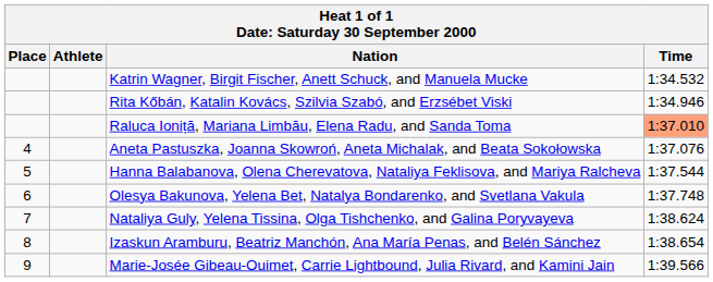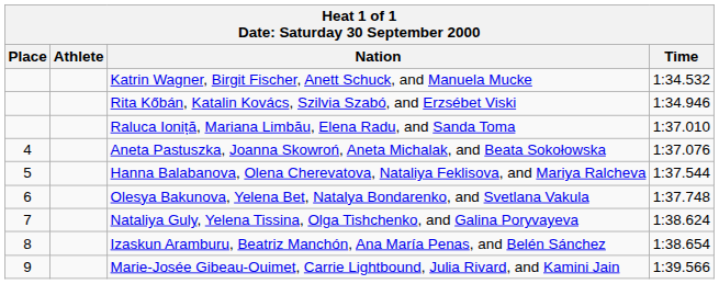 <table class="wikitable sortable">
 <tr>
 <th colspan=7>Heat 1 of 1 <br> Date: Saturday 30 September 2000</th>
 </tr>
 <tr>
 <th>Place</th>
 <th>Athlete</th>
 <th>Nation</th>
 <th>Time</th>
 </tr>
 <tr>
 <td align="center"></td>
 <td align="left"></td>
 <td align="left"><a href='#'>Katrin Wagner</a>, <a href='#'>Birgit Fischer</a>, <a href='#'>Anett Schuck</a>, and <a href='#'>Manuela Mucke</a></td>
 <td align="center">1:34.532</td>
 </tr>
 <tr>
 <td align="center"></td>
 <td align="left"></td>
 <td align="left"><a href='#'>Rita Kőbán</a>, <a href='#'>Katalin Kovács</a>, <a href='#'>Szilvia Szabó</a>, and <a href='#'>Erzsébet Viski</a></td>
 <td align="center">1:34.946</td>
 </tr>
 <tr>
 <td align="center"></td>
 <td align="left"></td>
 <td align="left"><a href='#'>Raluca Ioniță</a>, <a href='#'>Mariana Limbău</a>, <a href='#'>Elena Radu</a>, and <a href='#'>Sanda Toma</a></td>
-<td align="center" style="background: lightsalmon;">1:37.010</td>
+<td align="center">1:37.010</td>
 </tr>
 <tr>
 <td align="center">4</td>
 <td align="left"></td>
 <td align="left"><a href='#'>Aneta Pastuszka</a>, <a href='#'>Joanna Skowroń</a>, <a href='#'>Aneta Michalak</a>, and <a href='#'>Beata Sokołowska</a></td>
 <td align="center">1:37.076</td>
 </tr>
 <tr>
 <td align="center">5</td>
 <td align="left"></td>
 <td align="left"><a href='#'>Hanna Balabanova</a>, <a href='#'>Olena Cherevatova</a>, <a href='#'>Nataliya Feklisova</a>, and <a href='#'>Mariya Ralcheva</a></td>
 <td align="center">1:37.544</td>
 </tr>
 <tr>
 <td align="center">6</td>
 <td align="left"></td>
 <td align="left"><a href='#'>Olesya Bakunova</a>, <a href='#'>Yelena Bet</a>, <a href='#'>Natalya Bondarenko</a>, and <a href='#'>Svetlana Vakula</a></td>
 <td align="center">1:37.748</td>
 </tr>
 <tr>
 <td align="center">7</td>
 <td align="left"></td>
 <td align="left"><a href='#'>Nataliya Guly</a>, <a href='#'>Yelena Tissina</a>, <a href='#'>Olga Tishchenko</a>, and <a href='#'>Galina Poryvayeva</a></td>
 <td align="center">1:38.624</td>
 </tr>
 <tr>
 <td align="center">8</td>
 <td align="left"></td>
 <td align="left"><a href='#'>Izaskun Aramburu</a>, <a href='#'>Beatriz Manchón</a>, <a href='#'>Ana María Penas</a>, and <a href='#'>Belén Sánchez</a></td>
 <td align="center">1:38.654</td>
 </tr>
 <tr>
 <td align="center">9</td>
 <td align="left"></td>
 <td align="left"><a href='#'>Marie-Josée Gibeau-Ouimet</a>, <a href='#'>Carrie Lightbound</a>, <a href='#'>Julia Rivard</a>, and <a href='#'>Kamini Jain</a></td>
 <td align="center">1:39.566</td>
 </tr>
 </table>
